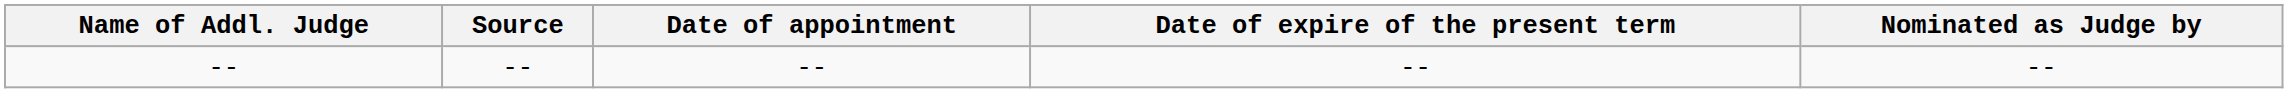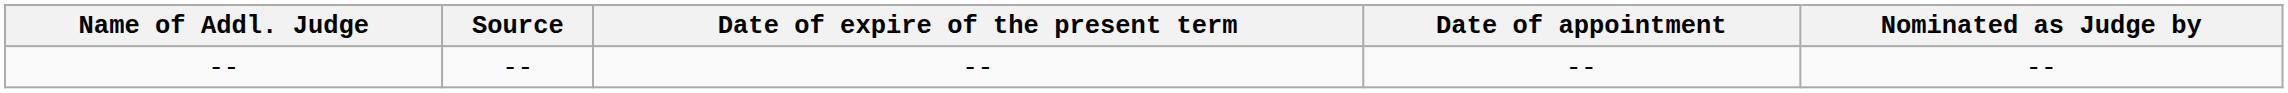 <table class="wikitable static-row-numbers static-row-header" style="text-align:center" width="92%">
 <tr>
 <th>Name of Addl. Judge</th>
 <th>Source</th>
+<th>Date of expire of the present term</th>
 <th>Date of appointment</th>
-<th>Date of expire of the present term</th>
 <th>Nominated as Judge by</th>
 </tr>
 <tr>
 <td>--</td>
 <td>--</td>
 <td>--</td>
 <td>--</td>
 <td>--</td>
 </tr>
 </table>
